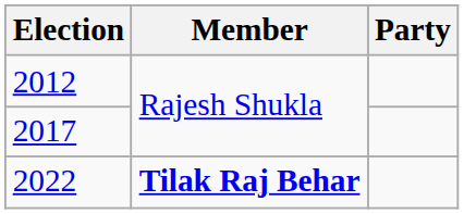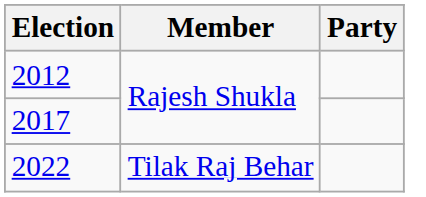 <table class="wikitable sortable">
 <tr>
 <th>Election</th>
 <th>Member</th>
 <th colspan=2>Party</th>
 </tr>
 <tr>
 <td><a href='#'>2012</a></td>
 <td rowspan=2><a href='#'>Rajesh Shukla</a></td>
 <td></td>
 </tr>
 <tr>
 <td><a href='#'>2017</a></td>
 </tr>
 <tr>
 <td><a href='#'>2022</a></td>
-<td><strong><a href='#'>Tilak Raj Behar</a></strong></td>
+<td><a href='#'>Tilak Raj Behar</a></td>
 <td></td>
 </tr>
 </table>
